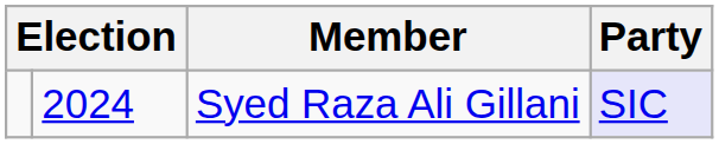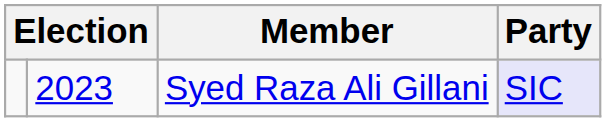 <table class="wikitable">
 <tr>
 <th colspan="2">Election</th>
 <th>Member</th>
 <th>Party</th>
 </tr>
 <tr>
 <td style="background-color: "></td>
-<td><a href='#'>2024</a></td>
+<td><a href='#'>2023</a></td>
 <td><a href='#'>Syed Raza Ali Gillani</a></td>
 <td style="background: lavender;"><a href='#'>SIC</a></td>
 </tr>
 </table>
